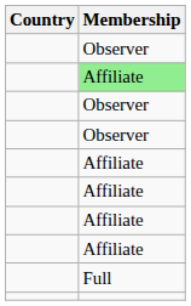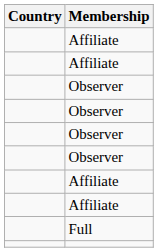 <table class="wikitable">
 <tr>
 <th>Country</th>
 <th>Membership</th>
 </tr>
 <tr>
 <td></td>
+<td>Affiliate</td>
+</tr>
+<tr>
+<td></td>
+<td>Affiliate</td>
+</tr>
+<tr>
+<td></td>
 <td>Observer</td>
 </tr>
 <tr>
 <td></td>
-<td style="background: lightgreen;">Affiliate</td>
+<td>Observer</td>
 </tr>
 <tr>
 <td></td>
 <td>Observer</td>
 </tr>
 <tr>
 <td></td>
 <td>Observer</td>
 </tr>
 <tr>
 <td></td>
 <td>Affiliate</td>
 </tr>
 <tr>
 <td></td>
 <td>Affiliate</td>
 </tr>
 <tr>
 <td></td>
-<td>Affiliate</td>
-</tr>
-<tr>
-<td></td>
-<td>Affiliate</td>
-</tr>
-<tr>
-<td></td>
 <td>Full</td>
 </tr>
 <tr>
 <td></td>
 </tr>
 </table>
